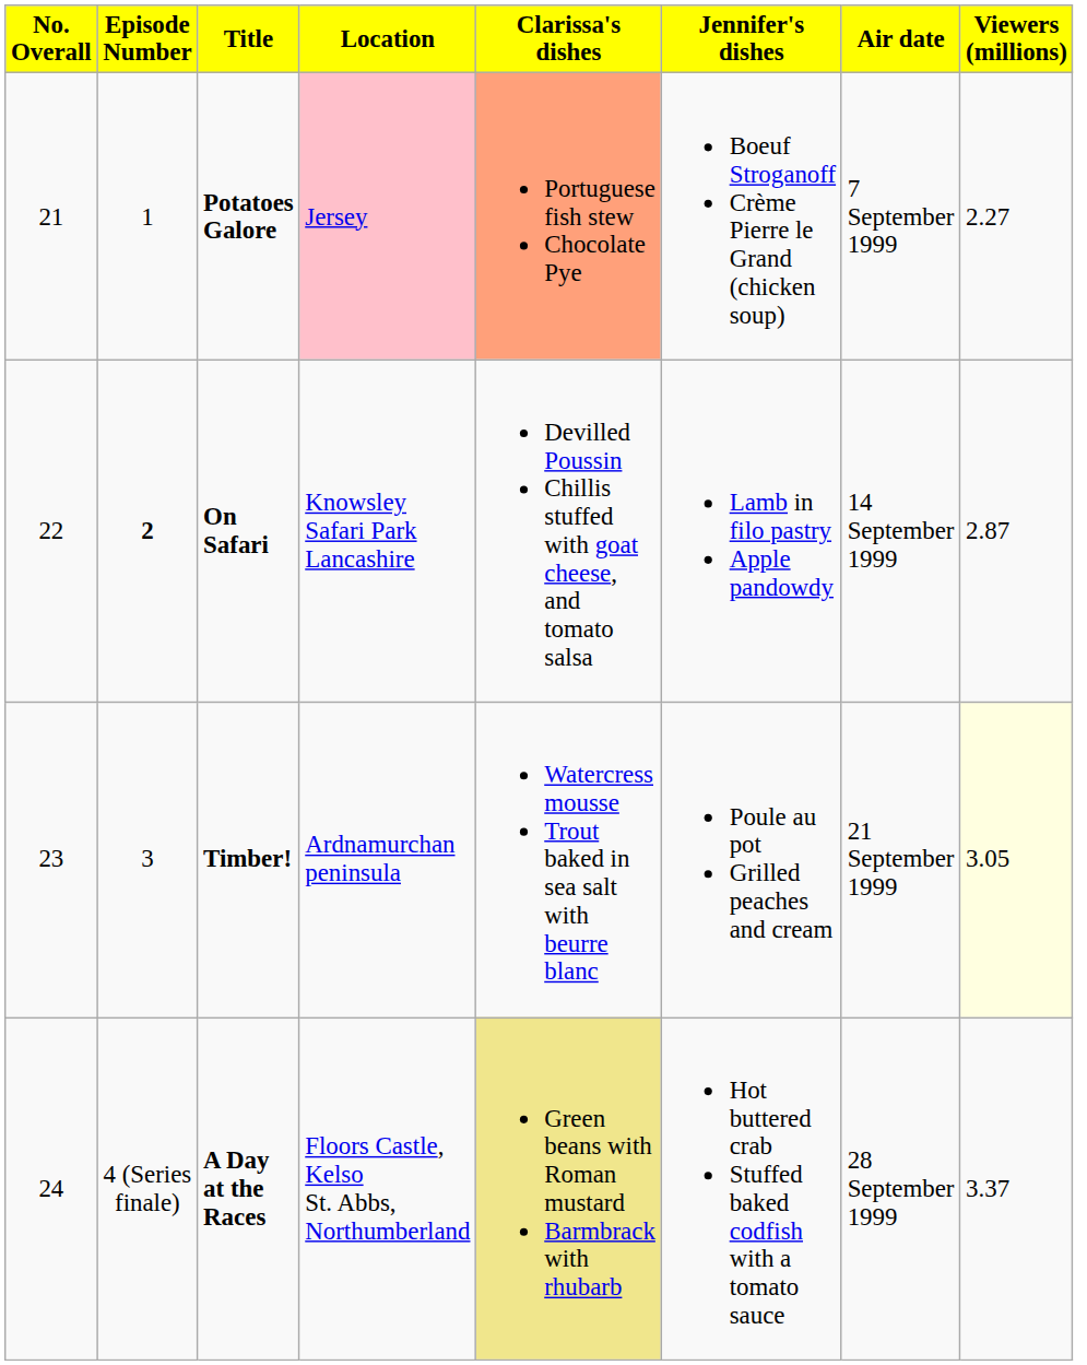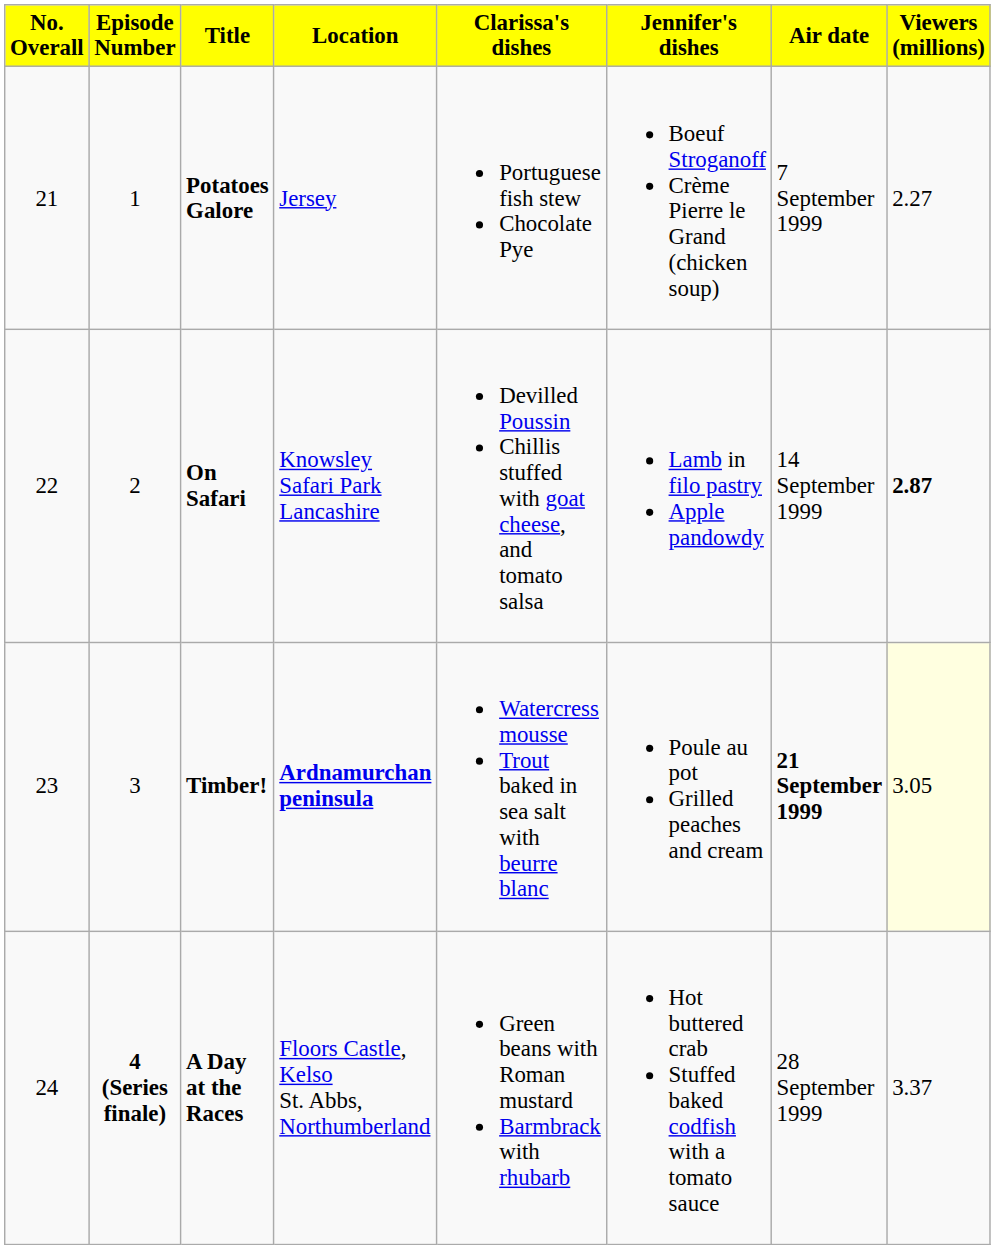 <table width="100%" class="wikitable">
 <tr style="background:yellow; text-align:center;">
 <td><strong>No. Overall</strong></td>
 <td><strong>Episode Number</strong></td>
 <td><strong>Title</strong></td>
 <td><strong>Location</strong></td>
 <td><strong>Clarissa's dishes</strong></td>
 <td><strong>Jennifer's dishes</strong></td>
 <td><strong>Air date</strong></td>
 <td><strong>Viewers</strong> <br> <strong>(millions)</strong></td>
 </tr>
 <tr>
 <td style="text-align:center;">21</td>
 <td style="text-align:center;">1</td>
 <td><strong>Potatoes Galore</strong></td>
-<td style="background: pink;"><a href='#'>Jersey</a></td>
-<td style="background: lightsalmon;"><br><ul><li>Portuguese fish stew</li><li>Chocolate Pye</li></ul></td>
+<td><a href='#'>Jersey</a></td>
+<td><br><ul><li>Portuguese fish stew</li><li>Chocolate Pye</li></ul></td>
 <td><br><ul><li>Boeuf <a href='#'>Stroganoff</a></li><li>Crème Pierre le Grand (chicken soup)</li></ul></td>
 <td>7 September 1999</td>
 <td>2.27</td>
 </tr>
 <tr>
 <td style="text-align:center;">22</td>
-<td style="text-align:center;"><strong>2</strong></td>
+<td style="text-align:center;">2</td>
 <td><strong>On Safari</strong></td>
 <td><a href='#'>Knowsley Safari Park</a><br><a href='#'>Lancashire</a></td>
 <td><br><ul><li>Devilled <a href='#'>Poussin</a></li><li>Chillis stuffed with <a href='#'>goat cheese</a>, and tomato salsa</li></ul></td>
 <td><br><ul><li><a href='#'>Lamb</a> in <a href='#'>filo pastry</a></li><li><a href='#'>Apple pandowdy</a></li></ul></td>
 <td>14 September 1999</td>
-<td>2.87</td>
+<td><strong>2.87</strong></td>
 </tr>
 <tr>
 <td style="text-align:center;">23</td>
 <td style="text-align:center;">3</td>
 <td><strong>Timber!</strong></td>
-<td><a href='#'>Ardnamurchan peninsula</a><br></td>
+<td><strong><a href='#'>Ardnamurchan peninsula</a><br></strong></td>
 <td><br><ul><li><a href='#'>Watercress</a> <a href='#'>mousse</a></li><li><a href='#'>Trout</a> baked in sea salt with <a href='#'>beurre blanc</a></li></ul></td>
 <td><br><ul><li>Poule au pot</li><li>Grilled peaches and cream</li></ul></td>
-<td>21 September 1999</td>
+<td><strong>21 September 1999</strong></td>
 <td style="background: lightyellow;">3.05</td>
 </tr>
 <tr>
 <td style="text-align:center;">24</td>
-<td style="text-align:center;">4 (Series finale)</td>
+<td style="text-align:center;"><strong>4 (Series finale)</strong></td>
 <td><strong>A Day at the Races</strong></td>
 <td><a href='#'>Floors Castle</a>, <a href='#'>Kelso</a><br>St. Abbs, <a href='#'>Northumberland</a></td>
-<td style="background: khaki;"><br><ul><li>Green beans with Roman mustard</li><li><a href='#'>Barmbrack</a> with <a href='#'>rhubarb</a></li></ul></td>
+<td><br><ul><li>Green beans with Roman mustard</li><li><a href='#'>Barmbrack</a> with <a href='#'>rhubarb</a></li></ul></td>
 <td><br><ul><li>Hot buttered crab</li><li>Stuffed baked <a href='#'>codfish</a> with a tomato sauce</li></ul></td>
 <td>28 September 1999</td>
 <td>3.37</td>
 </tr>
 </table>
